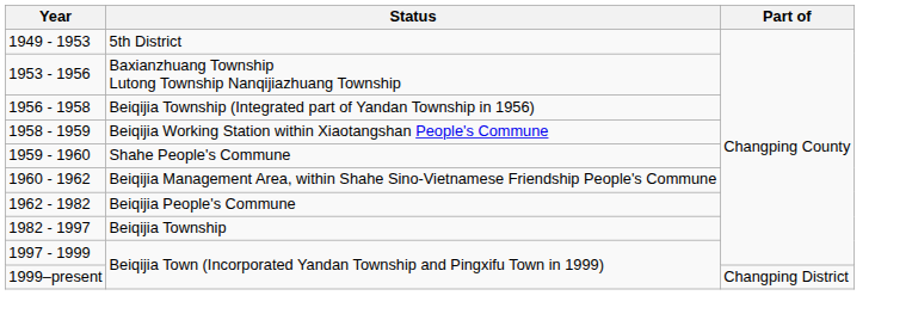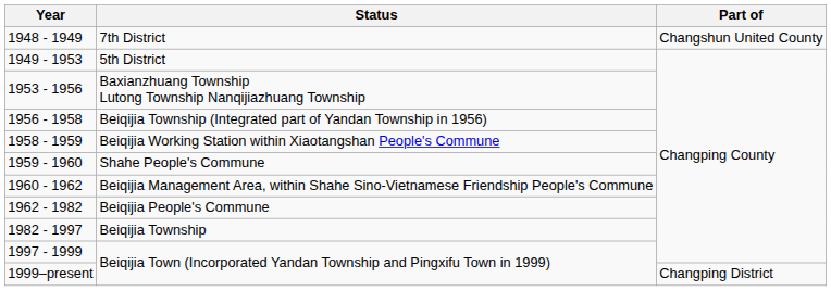 <table class="wikitable">
 <tr>
 <th>Year</th>
 <th>Status</th>
 <th>Part of</th>
+</tr>
+<tr>
+<td>1948 - 1949</td>
+<td>7th District</td>
+<td>Changshun United County</td>
 </tr>
 <tr>
 <td>1949 - 1953</td>
 <td>5th District</td>
 <td rowspan="9">Changping County</td>
 </tr>
 <tr>
 <td>1953 - 1956</td>
 <td>Baxianzhuang Township<br>Lutong Township Nanqijiazhuang Township</td>
 </tr>
 <tr>
 <td>1956 - 1958</td>
 <td>Beiqijia Township (Integrated part of Yandan Township in 1956)</td>
 </tr>
 <tr>
 <td>1958 - 1959</td>
 <td>Beiqijia Working Station within Xiaotangshan <a href='#'>People's Commune</a></td>
 </tr>
 <tr>
 <td>1959 - 1960</td>
 <td>Shahe People's Commune</td>
 </tr>
 <tr>
 <td>1960 - 1962</td>
 <td>Beiqijia Management Area, within Shahe Sino-Vietnamese Friendship People's Commune</td>
 </tr>
 <tr>
 <td>1962 - 1982</td>
 <td>Beiqijia People's Commune</td>
 </tr>
 <tr>
 <td>1982 - 1997</td>
 <td>Beiqijia Township</td>
 </tr>
 <tr>
 <td>1997 - 1999</td>
 <td rowspan="2">Beiqijia Town (Incorporated Yandan Township and Pingxifu Town in 1999)</td>
 </tr>
 <tr>
 <td>1999–present</td>
 <td>Changping District</td>
 </tr>
 </table>
